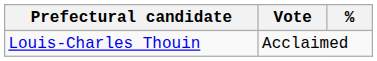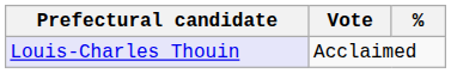 <table class="wikitable">
 <tr>
 <th bgcolor="#DDDDFF" width="200px">Prefectural candidate</th>
 <th bgcolor="#DDDDFF" width="50px">Vote</th>
 <th bgcolor="#DDDDFF" width="30px">%</th>
 </tr>
 <tr>
-<td><a href='#'>Louis-Charles Thouin</a></td>
+<td style="background: lavender;"><a href='#'>Louis-Charles Thouin</a></td>
 <td colspan="2">Acclaimed</td>
 </tr>
 </table>
